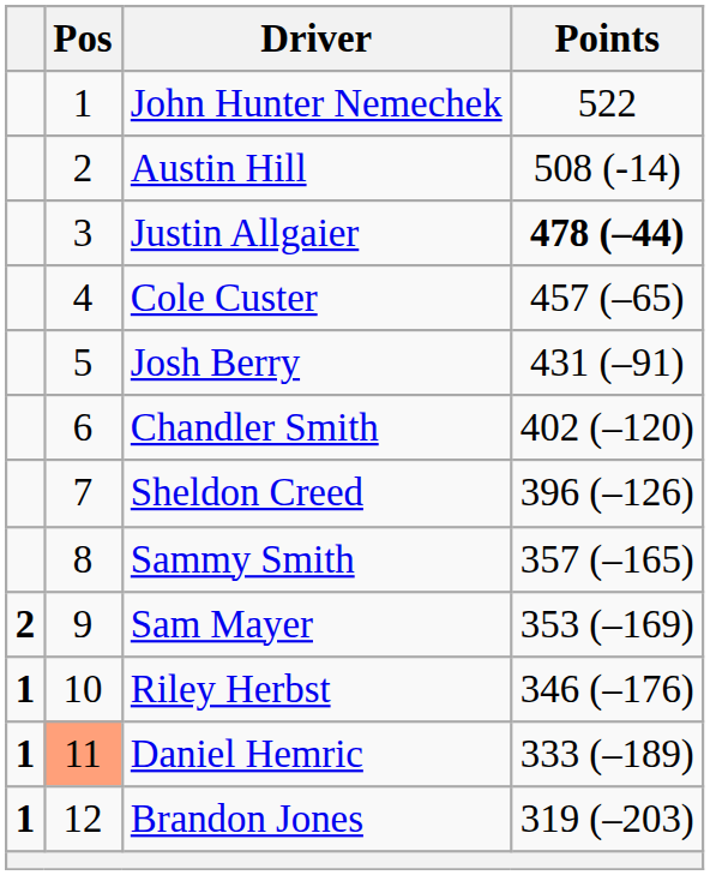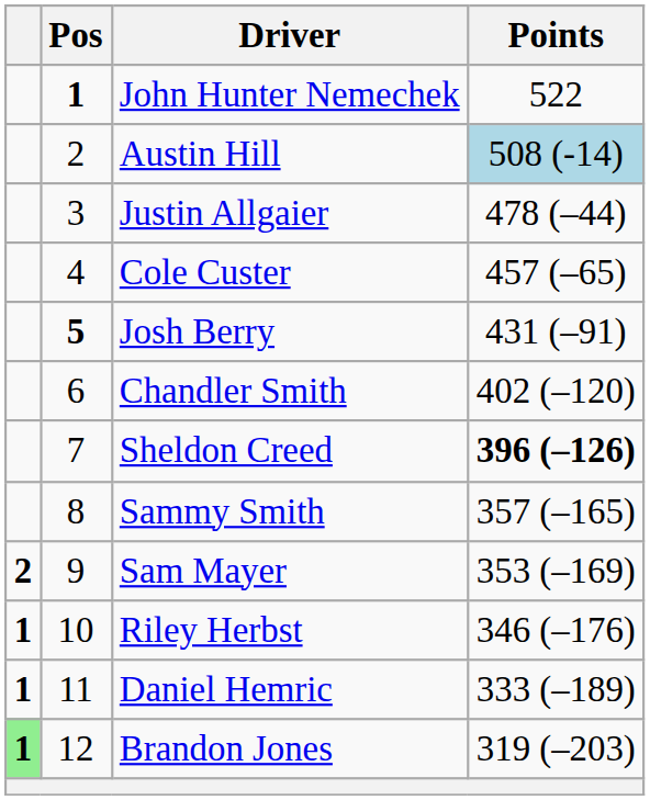 <table class="wikitable" style="font-size: 95%;">
 <tr>
 <th></th>
 <th>Pos</th>
 <th>Driver</th>
 <th>Points</th>
 </tr>
 <tr>
 <td align="left"></td>
-<td style="text-align:center;">1</td>
+<td style="text-align:center;"><strong>1</strong></td>
 <td><a href='#'>John Hunter Nemechek</a></td>
 <td style="text-align:center;">522</td>
 </tr>
 <tr>
 <td align="left"></td>
 <td style="text-align:center;">2</td>
 <td><a href='#'>Austin Hill</a></td>
-<td style="text-align:center;">508 (-14)</td>
+<td style="background: lightblue; text-align:center;">508 (-14)</td>
 </tr>
 <tr>
 <td align="left"></td>
 <td style="text-align:center;">3</td>
 <td><a href='#'>Justin Allgaier</a></td>
-<td style="text-align:center;"><strong>478 (–44)</strong></td>
+<td style="text-align:center;">478 (–44)</td>
 </tr>
 <tr>
 <td align="left"></td>
 <td style="text-align:center;">4</td>
 <td><a href='#'>Cole Custer</a></td>
 <td style="text-align:center;">457 (–65)</td>
 </tr>
 <tr>
 <td align="left"></td>
-<td style="text-align:center;">5</td>
+<td style="text-align:center;"><strong>5</strong></td>
 <td><a href='#'>Josh Berry</a></td>
 <td style="text-align:center;">431 (–91)</td>
 </tr>
 <tr>
 <td align="left"></td>
 <td style="text-align:center;">6</td>
 <td><a href='#'>Chandler Smith</a></td>
 <td style="text-align:center;">402 (–120)</td>
 </tr>
 <tr>
 <td align="left"></td>
 <td style="text-align:center;">7</td>
 <td><a href='#'>Sheldon Creed</a></td>
-<td style="text-align:center;">396 (–126)</td>
+<td style="text-align:center;"><strong>396 (–126)</strong></td>
 </tr>
 <tr>
 <td align="left"></td>
 <td style="text-align:center;">8</td>
 <td><a href='#'>Sammy Smith</a></td>
 <td style="text-align:center;">357 (–165)</td>
 </tr>
 <tr>
 <td align="left"> <strong>2</strong></td>
 <td style="text-align:center;">9</td>
 <td><a href='#'>Sam Mayer</a></td>
 <td style="text-align:center;">353 (–169)</td>
 </tr>
 <tr>
 <td align="left"> <strong>1</strong></td>
 <td style="text-align:center;">10</td>
 <td><a href='#'>Riley Herbst</a></td>
 <td style="text-align:center;">346 (–176)</td>
 </tr>
 <tr>
 <td align="left"> <strong>1</strong></td>
-<td style="background: lightsalmon; text-align:center;">11</td>
+<td style="text-align:center;">11</td>
 <td><a href='#'>Daniel Hemric</a></td>
 <td style="text-align:center;">333 (–189)</td>
 </tr>
 <tr>
-<td align="left"> <strong>1</strong></td>
+<td align="left" style="background: lightgreen;"> <strong>1</strong></td>
 <td style="text-align:center;">12</td>
 <td><a href='#'>Brandon Jones</a></td>
 <td style="text-align:center;">319 (–203)</td>
 </tr>
 <tr class="sortbottom">
 <th colspan="9"></th>
 </tr>
 </table>
